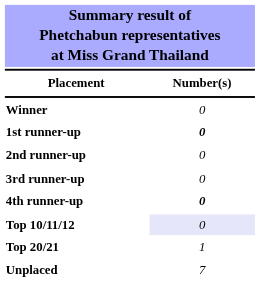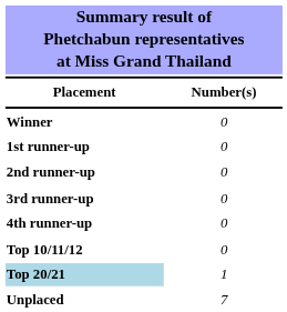 <table style="width: 270px; font-size:85%; line-height:1.5em;">
 <tr>
 <th colspan="2" align="center" style="background:#AAF;"><big>Summary result of<br>Phetchabun representatives<br>at Miss Grand Thailand</big></th>
 </tr>
 <tr>
 <td colspan="2" style="background:black"></td>
 </tr>
 <tr>
 <th scope="col">Placement</th>
 <th scope="col">Number(s)</th>
 </tr>
 <tr>
 <td colspan="2" style="background:black"></td>
 </tr>
 <tr>
 <td align="left"><strong>Winner</strong></td>
 <td align="center"><em>0</em></td>
 </tr>
 <tr>
 <td align="left"><strong>1st runner-up</strong></td>
-<td align="center"><strong><em>0</em></strong></td>
+<td align="center"><em>0</em></td>
 </tr>
 <tr>
 <td align="left"><strong>2nd runner-up</strong></td>
 <td align="center"><em>0</em></td>
 </tr>
 <tr>
 <td align="left"><strong>3rd runner-up</strong></td>
 <td align="center"><em>0</em></td>
 </tr>
 <tr>
 <td align="left"><strong>4th runner-up</strong></td>
-<td align="center"><strong><em>0</em></strong></td>
+<td align="center"><em>0</em></td>
 </tr>
 <tr>
 <td align="left"><strong>Top 10/11/12</strong></td>
-<td align="center" style="background: lavender;"><em>0</em></td>
+<td align="center"><em>0</em></td>
 </tr>
 <tr>
-<td align="left"><strong>Top 20/21</strong></td>
+<td align="left" style="background: lightblue;"><strong>Top 20/21</strong></td>
 <td align="center"><em>1</em></td>
 </tr>
 <tr>
 <td align="left"><strong>Unplaced</strong></td>
 <td align="center"><em>7</em></td>
 </tr>
 </table>
